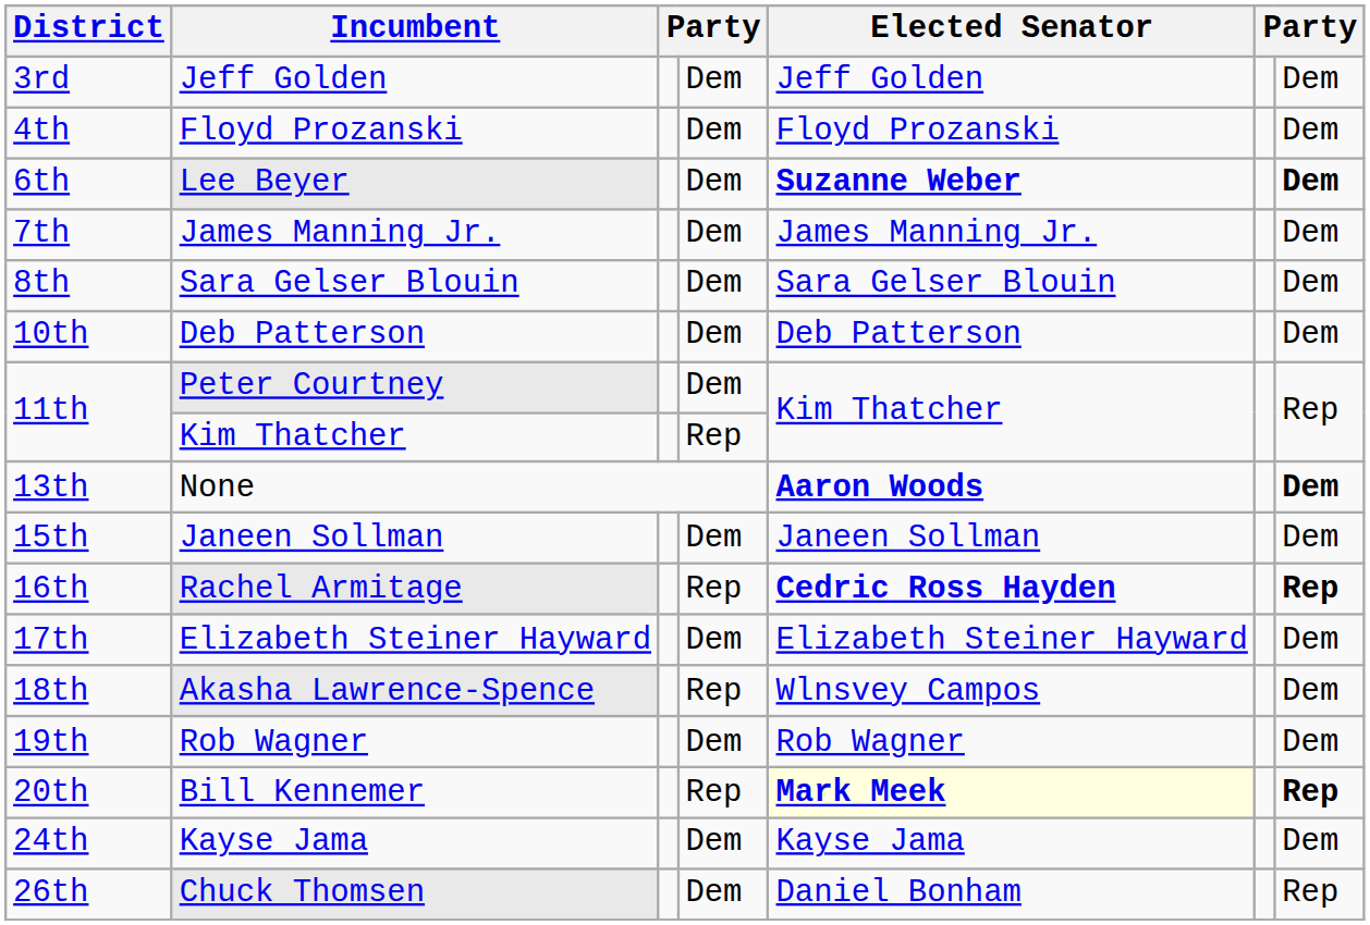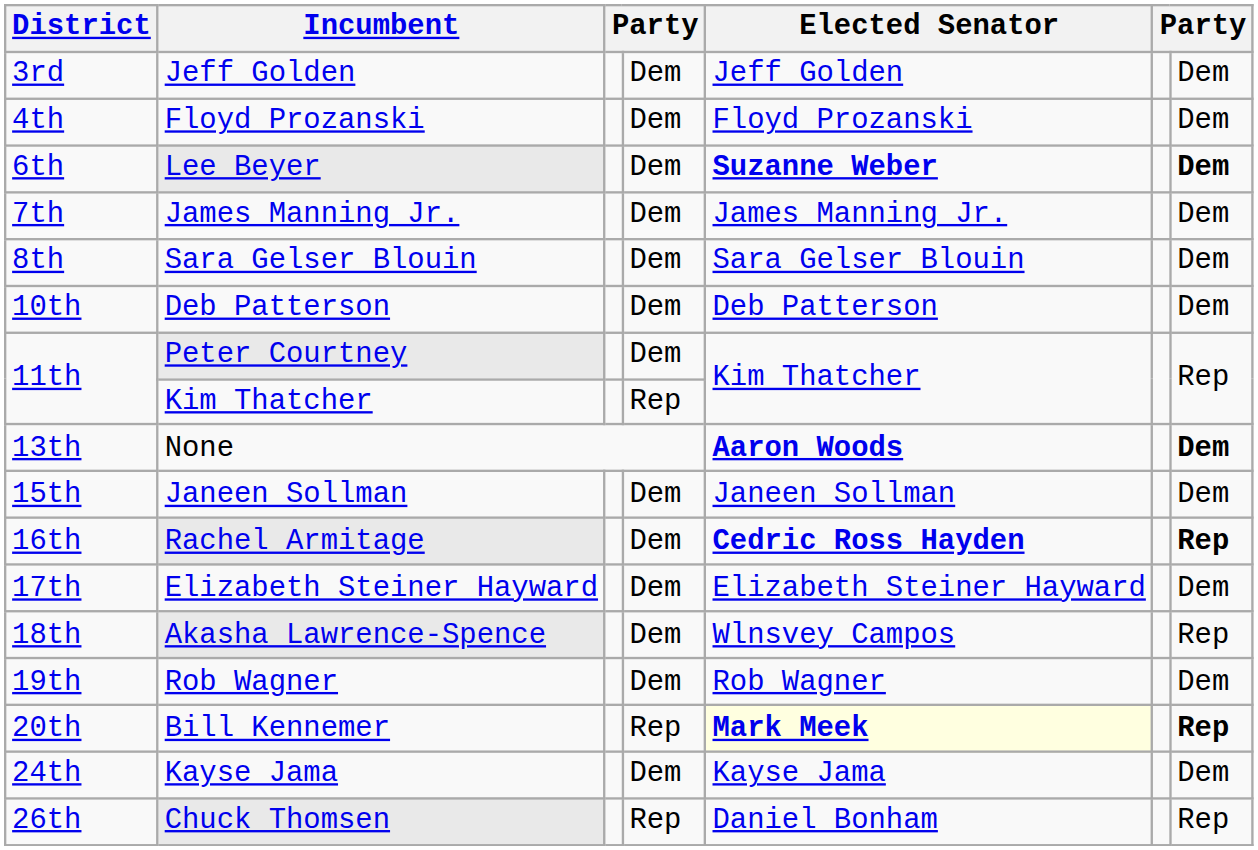 <table class="sortable wikitable" style="font-size:95%;line-height:14px;">
 <tr>
 <th class="unsortable"><a href='#'>District</a></th>
 <th class="unsortable"><a href='#'>Incumbent</a></th>
 <th colspan="2">Party</th>
 <th class="unsortable">Elected Senator</th>
 <th colspan="2">Party</th>
 </tr>
 <tr>
 <td><a href='#'>3rd</a></td>
 <td><a href='#'>Jeff Golden</a></td>
 <td style="background:"></td>
 <td>Dem</td>
 <td><a href='#'>Jeff Golden</a></td>
 <td style="background:"></td>
 <td>Dem</td>
 </tr>
 <tr>
 <td><a href='#'>4th</a></td>
 <td><a href='#'>Floyd Prozanski</a></td>
 <td style="background:"></td>
 <td>Dem</td>
 <td><a href='#'>Floyd Prozanski</a></td>
 <td style="background:"></td>
 <td>Dem</td>
 </tr>
 <tr>
 <td><a href='#'>6th</a></td>
 <td style="background:#E9E9E9;"><a href='#'>Lee Beyer</a></td>
 <td style="background:"></td>
 <td>Dem</td>
 <td><strong><a href='#'>Suzanne Weber</a></strong></td>
 <td style="background:"></td>
 <td><strong>Dem</strong></td>
 </tr>
 <tr>
 <td><a href='#'>7th</a></td>
 <td><a href='#'>James Manning Jr.</a></td>
 <td style="background:"></td>
 <td>Dem</td>
 <td><a href='#'>James Manning Jr.</a></td>
 <td style="background:"></td>
 <td>Dem</td>
 </tr>
 <tr>
 <td><a href='#'>8th</a></td>
 <td><a href='#'>Sara Gelser Blouin</a></td>
 <td style="background:"></td>
 <td>Dem</td>
 <td><a href='#'>Sara Gelser Blouin</a></td>
 <td style="background:"></td>
 <td>Dem</td>
 </tr>
 <tr>
 <td><a href='#'>10th</a></td>
 <td><a href='#'>Deb Patterson</a></td>
 <td style="background:"></td>
 <td>Dem</td>
 <td><a href='#'>Deb Patterson</a></td>
 <td style="background:"></td>
 <td>Dem</td>
 </tr>
 <tr>
 <td rowspan=2><a href='#'>11th</a></td>
 <td style="background:#E9E9E9;"><a href='#'>Peter Courtney</a></td>
 <td style="background:"></td>
 <td>Dem</td>
 <td rowspan=2><a href='#'>Kim Thatcher</a></td>
 <td rowspan="2" style="background:"></td>
 <td rowspan="2">Rep</td>
 </tr>
 <tr>
 <td><a href='#'>Kim Thatcher</a> </td>
 <td style="background:"></td>
 <td>Rep</td>
 </tr>
 <tr>
 <td><a href='#'>13th</a></td>
 <td colspan=3>None</td>
 <td><strong><a href='#'>Aaron Woods</a></strong></td>
 <td style="background:"></td>
 <td><strong>Dem</strong></td>
 </tr>
 <tr>
 <td><a href='#'>15th</a></td>
 <td><a href='#'>Janeen Sollman</a></td>
 <td style="background:"></td>
 <td>Dem</td>
 <td><a href='#'>Janeen Sollman</a></td>
 <td style="background:"></td>
 <td>Dem</td>
 </tr>
 <tr>
 <td><a href='#'>16th</a></td>
 <td style="background:#E9E9E9;"><a href='#'>Rachel Armitage</a></td>
 <td style="background:"></td>
-<td>Rep</td>
+<td>Dem</td>
 <td><strong><a href='#'>Cedric Ross Hayden</a></strong></td>
 <td style="background:"></td>
 <td><strong>Rep</strong></td>
 </tr>
 <tr>
 <td><a href='#'>17th</a></td>
 <td><a href='#'>Elizabeth Steiner Hayward</a></td>
 <td style="background:"></td>
 <td>Dem</td>
 <td><a href='#'>Elizabeth Steiner Hayward</a></td>
 <td style="background:"></td>
 <td>Dem</td>
 </tr>
 <tr>
 <td><a href='#'>18th</a> </td>
 <td style="background:#E9E9E9;"><a href='#'>Akasha Lawrence-Spence</a></td>
 <td style="background:"></td>
-<td>Rep</td>
+<td>Dem</td>
 <td><a href='#'>Wlnsvey Campos</a></td>
 <td style="background:"></td>
-<td>Dem</td>
+<td>Rep</td>
 </tr>
 <tr>
 <td><a href='#'>19th</a></td>
 <td><a href='#'>Rob Wagner</a></td>
 <td style="background:"></td>
 <td>Dem</td>
 <td><a href='#'>Rob Wagner</a></td>
 <td style="background:"></td>
 <td>Dem</td>
 </tr>
 <tr>
 <td><a href='#'>20th</a></td>
 <td><a href='#'>Bill Kennemer</a></td>
 <td style="background:"></td>
 <td>Rep</td>
 <td style="background: lightyellow;"><strong><a href='#'>Mark Meek</a></strong></td>
 <td style="background:"></td>
 <td><strong>Rep</strong></td>
 </tr>
 <tr>
 <td><a href='#'>24th</a></td>
 <td><a href='#'>Kayse Jama</a></td>
 <td style="background:"></td>
 <td>Dem</td>
 <td><a href='#'>Kayse Jama</a></td>
 <td style="background:"></td>
 <td>Dem</td>
 </tr>
 <tr>
 <td><a href='#'>26th</a></td>
 <td style="background:#E9E9E9;"><a href='#'>Chuck Thomsen</a></td>
 <td style="background:"></td>
-<td>Dem</td>
+<td>Rep</td>
 <td><a href='#'>Daniel Bonham</a></td>
 <td style="background:"></td>
 <td>Rep</td>
 </tr>
 </table>
